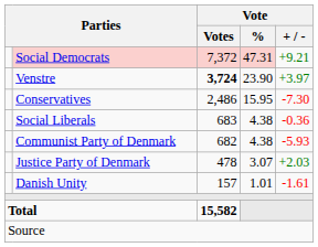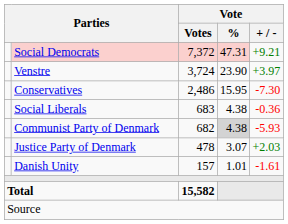 <table class="wikitable" style="text-align:right;">
 <tr>
 <th style="text-align:centre;" rowspan="2" colspan="2" width="225">Parties</th>
 <th colspan="3">Vote</th>
 </tr>
 <tr>
 <th width="15">Votes</th>
 <th width="15">%</th>
 <th width="15">+ / -</th>
 </tr>
 <tr>
 <td width="2" style="color:inherit;background:"></td>
 <td bgcolor=#fbd0ce  align="left"><a href='#'>Social Democrats</a></td>
 <td bgcolor=#fbd0ce>7,372</td>
 <td bgcolor=#fbd0ce>47.31</td>
 <td style=color:green;>+9.21</td>
 </tr>
 <tr>
 <td width="2" style="color:inherit;background:"></td>
 <td align="left"><a href='#'>Venstre</a></td>
-<td><strong>3,724</strong></td>
+<td>3,724</td>
 <td>23.90</td>
 <td style=color:green;>+3.97</td>
 </tr>
 <tr>
 <td width="2" style="color:inherit;background:"></td>
 <td align="left"><a href='#'>Conservatives</a></td>
 <td>2,486</td>
 <td>15.95</td>
 <td style=color:red;>-7.30</td>
 </tr>
 <tr>
 <td width="2" style="color:inherit;background:"></td>
 <td align="left"><a href='#'>Social Liberals</a></td>
 <td>683</td>
 <td>4.38</td>
 <td style=color:red;>-0.36</td>
 </tr>
 <tr>
 <td width="2" style="color:inherit;background:"></td>
 <td align="left"><a href='#'>Communist Party of Denmark</a></td>
 <td>682</td>
-<td>4.38</td>
+<td style="background: lightgrey;">4.38</td>
 <td style=color:red;>-5.93</td>
 </tr>
 <tr>
 <td width="2" style="color:inherit;background:"></td>
 <td align="left"><a href='#'>Justice Party of Denmark</a></td>
 <td>478</td>
 <td>3.07</td>
 <td style=color:green;>+2.03</td>
 </tr>
 <tr>
 <td width="2" style="color:inherit;background:"></td>
 <td align="left"><a href='#'>Danish Unity</a></td>
 <td>157</td>
 <td>1.01</td>
 <td style=color:red;>-1.61</td>
 </tr>
 <tr>
 <td colspan="7" bgcolor="#E9E9E9"></td>
 </tr>
 <tr>
 <td align="left" colspan="2"><strong>Total</strong></td>
 <td><strong>15,582</strong></td>
 <td bgcolor="#E9E9E9" colspan="2"></td>
 </tr>
 <tr>
 <td align="left" colspan="6">Source</td>
 </tr>
 </table>
